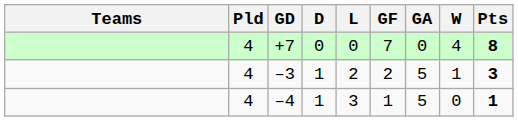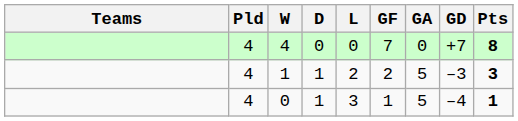 <table class="wikitable" style="text-align: center;">
 <tr>
 <th width=165>Teams</th>
 <th width=20>Pld</th>
-<th width=20>GD</th>
+<th width=20>W</th>
 <th width=20>D</th>
 <th width=20>L</th>
 <th width=20>GF</th>
 <th width=20>GA</th>
-<th width=20>W</th>
+<th width=20>GD</th>
 <th width=20>Pts</th>
 </tr>
 <tr align=center style="background:#ccffcc;">
 <td style="text-align:left;"></td>
 <td>4</td>
-<td>+7</td>
+<td>4</td>
 <td>0</td>
 <td>0</td>
 <td>7</td>
 <td>0</td>
-<td>4</td>
+<td>+7</td>
 <td><strong>8</strong></td>
 </tr>
 <tr align=center>
 <td style="text-align:left;"></td>
 <td>4</td>
-<td>–3</td>
+<td>1</td>
 <td>1</td>
 <td>2</td>
 <td>2</td>
 <td>5</td>
-<td>1</td>
+<td>–3</td>
 <td><strong>3</strong></td>
 </tr>
 <tr align=center>
 <td style="text-align:left;"></td>
 <td>4</td>
-<td>–4</td>
+<td>0</td>
 <td>1</td>
 <td>3</td>
 <td>1</td>
 <td>5</td>
-<td>0</td>
+<td>–4</td>
 <td><strong>1</strong></td>
 </tr>
 </table>
